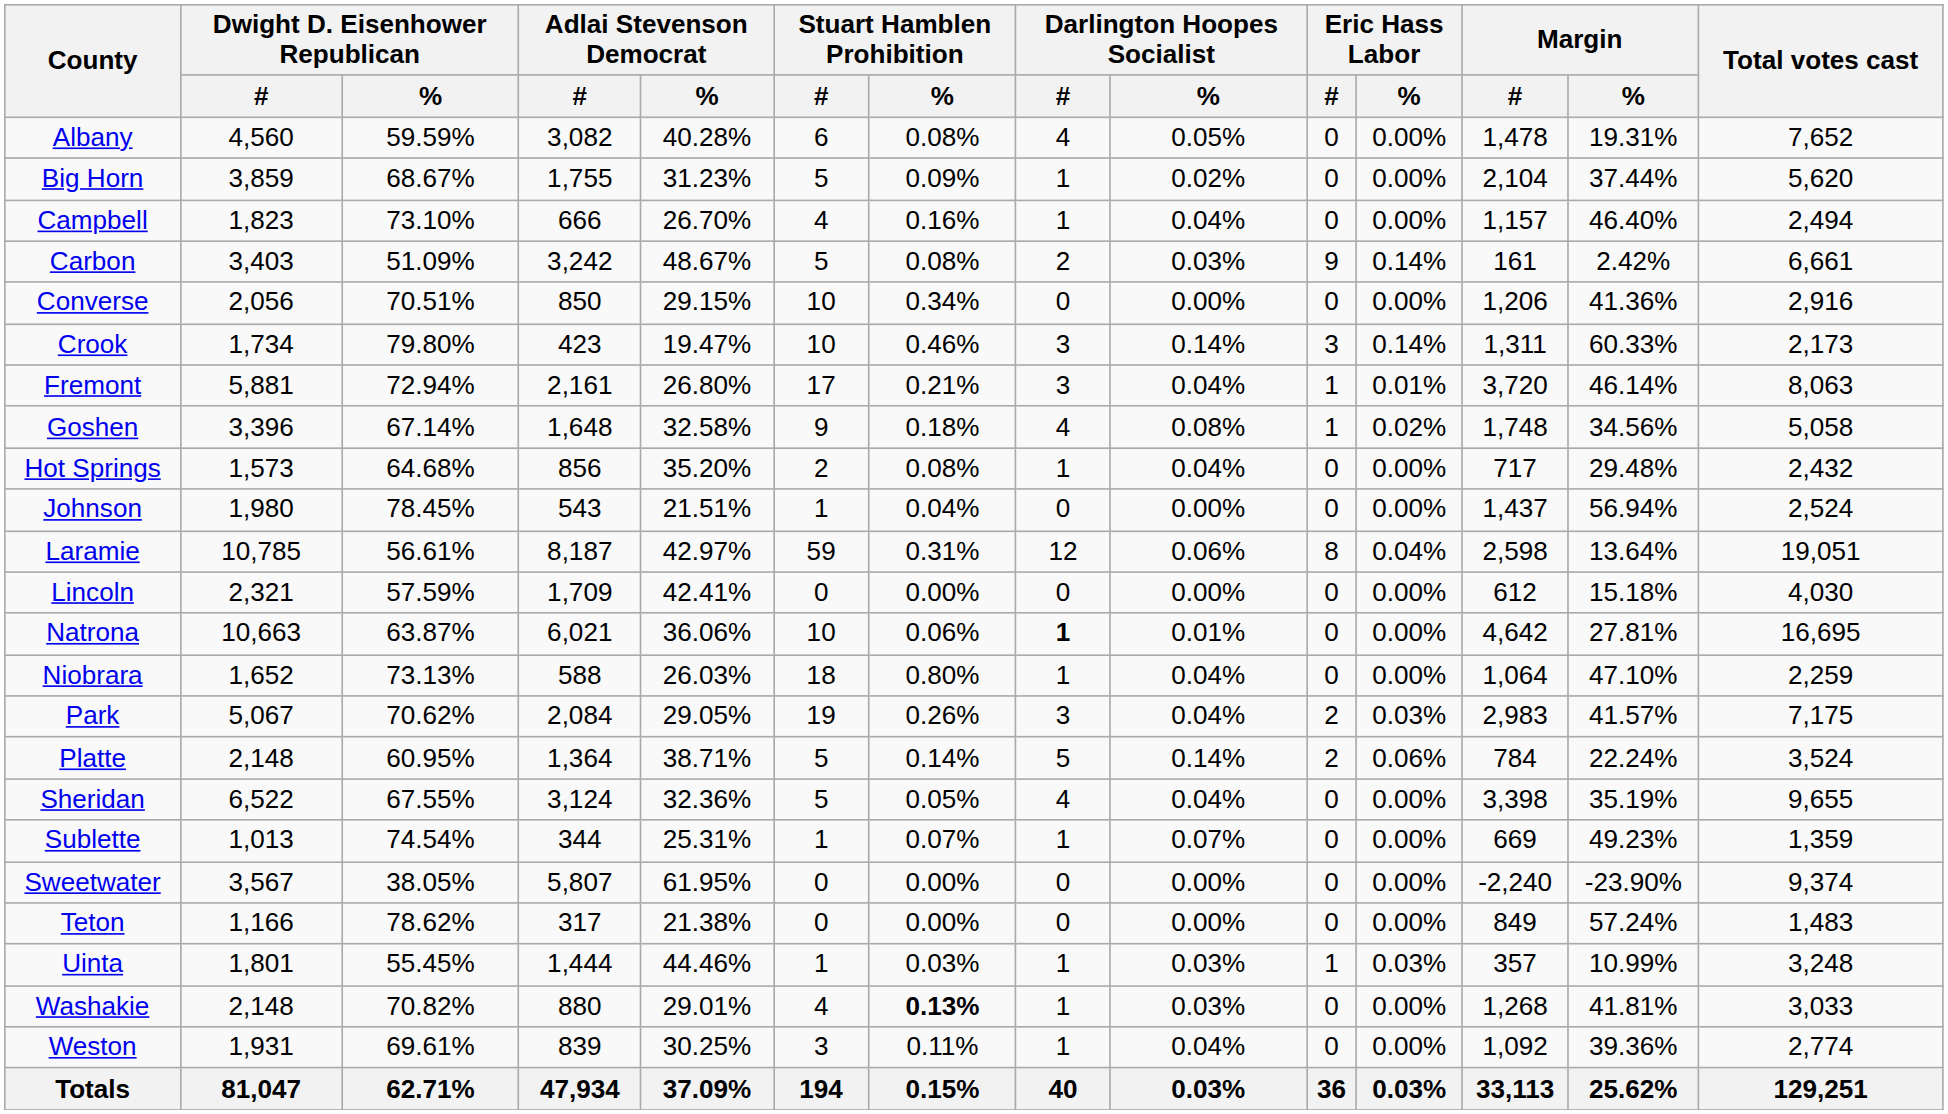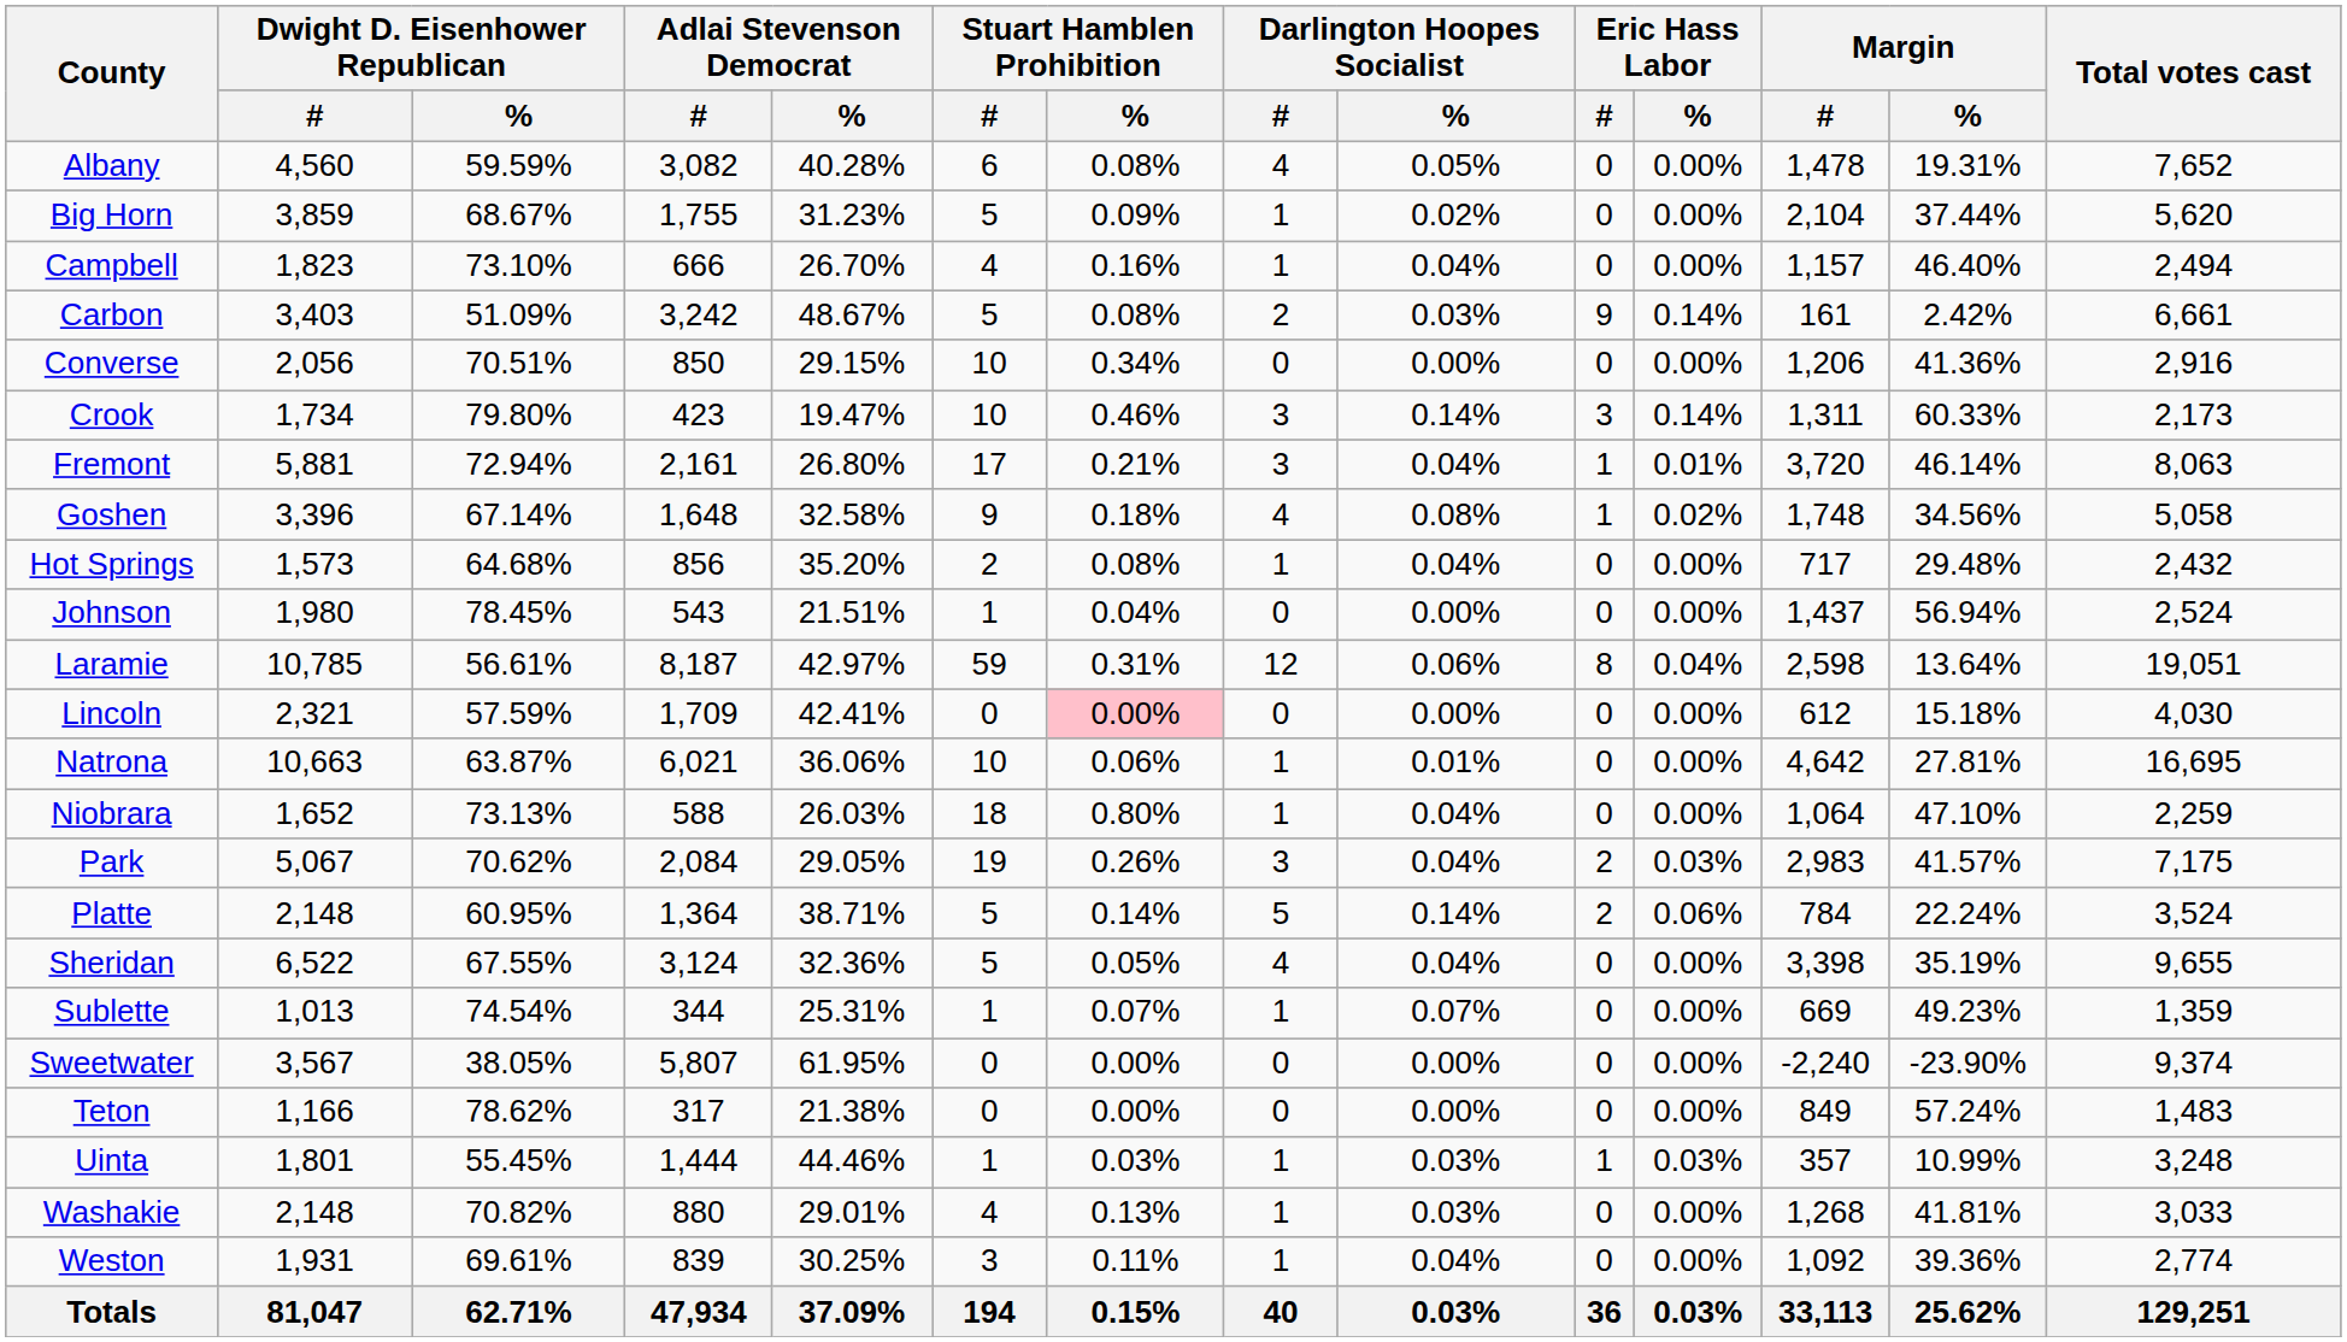 <table width="60%" class="wikitable sortable" style="text-align:center">
 <tr>
 <th style="text-align:center;" rowspan="2">County</th>
 <th style="text-align:center;" colspan="2">Dwight D. Eisenhower<br>Republican</th>
 <th style="text-align:center;" colspan="2">Adlai Stevenson<br>Democrat</th>
 <th style="text-align:center;" colspan="2">Stuart Hamblen<br>Prohibition</th>
 <th style="text-align:center;" colspan="2">Darlington Hoopes<br>Socialist</th>
 <th style="text-align:center;" colspan="2">Eric Hass<br>Labor</th>
 <th style="text-align:center;" colspan="2">Margin</th>
 <th style="text-align:center;" rowspan="2">Total votes cast</th>
 </tr>
 <tr>
 <th style="text-align:center;" data-sort-type="number">#</th>
 <th style="text-align:center;" data-sort-type="number">%</th>
 <th style="text-align:center;" data-sort-type="number">#</th>
 <th style="text-align:center;" data-sort-type="number">%</th>
 <th style="text-align:center;" data-sort-type="number">#</th>
 <th style="text-align:center;" data-sort-type="number">%</th>
 <th style="text-align:center;" data-sort-type="number">#</th>
 <th style="text-align:center;" data-sort-type="number">%</th>
 <th style="text-align:center;" data-sort-type="number">#</th>
 <th style="text-align:center;" data-sort-type="number">%</th>
 <th style="text-align:center;" data-sort-type="number">#</th>
 <th style="text-align:center;" data-sort-type="number">%</th>
 </tr>
 <tr style="text-align:center;">
 <td><a href='#'>Albany</a></td>
 <td>4,560</td>
 <td>59.59%</td>
 <td>3,082</td>
 <td>40.28%</td>
 <td>6</td>
 <td>0.08%</td>
 <td>4</td>
 <td>0.05%</td>
 <td>0</td>
 <td>0.00%</td>
 <td>1,478</td>
 <td>19.31%</td>
 <td>7,652</td>
 </tr>
 <tr style="text-align:center;">
 <td><a href='#'>Big Horn</a></td>
 <td>3,859</td>
 <td>68.67%</td>
 <td>1,755</td>
 <td>31.23%</td>
 <td>5</td>
 <td>0.09%</td>
 <td>1</td>
 <td>0.02%</td>
 <td>0</td>
 <td>0.00%</td>
 <td>2,104</td>
 <td>37.44%</td>
 <td>5,620</td>
 </tr>
 <tr style="text-align:center;">
 <td><a href='#'>Campbell</a></td>
 <td>1,823</td>
 <td>73.10%</td>
 <td>666</td>
 <td>26.70%</td>
 <td>4</td>
 <td>0.16%</td>
 <td>1</td>
 <td>0.04%</td>
 <td>0</td>
 <td>0.00%</td>
 <td>1,157</td>
 <td>46.40%</td>
 <td>2,494</td>
 </tr>
 <tr style="text-align:center;">
 <td><a href='#'>Carbon</a></td>
 <td>3,403</td>
 <td>51.09%</td>
 <td>3,242</td>
 <td>48.67%</td>
 <td>5</td>
 <td>0.08%</td>
 <td>2</td>
 <td>0.03%</td>
 <td>9</td>
 <td>0.14%</td>
 <td>161</td>
 <td>2.42%</td>
 <td>6,661</td>
 </tr>
 <tr style="text-align:center;">
 <td><a href='#'>Converse</a></td>
 <td>2,056</td>
 <td>70.51%</td>
 <td>850</td>
 <td>29.15%</td>
 <td>10</td>
 <td>0.34%</td>
 <td>0</td>
 <td>0.00%</td>
 <td>0</td>
 <td>0.00%</td>
 <td>1,206</td>
 <td>41.36%</td>
 <td>2,916</td>
 </tr>
 <tr style="text-align:center;">
 <td><a href='#'>Crook</a></td>
 <td>1,734</td>
 <td>79.80%</td>
 <td>423</td>
 <td>19.47%</td>
 <td>10</td>
 <td>0.46%</td>
 <td>3</td>
 <td>0.14%</td>
 <td>3</td>
 <td>0.14%</td>
 <td>1,311</td>
 <td>60.33%</td>
 <td>2,173</td>
 </tr>
 <tr style="text-align:center;">
 <td><a href='#'>Fremont</a></td>
 <td>5,881</td>
 <td>72.94%</td>
 <td>2,161</td>
 <td>26.80%</td>
 <td>17</td>
 <td>0.21%</td>
 <td>3</td>
 <td>0.04%</td>
 <td>1</td>
 <td>0.01%</td>
 <td>3,720</td>
 <td>46.14%</td>
 <td>8,063</td>
 </tr>
 <tr style="text-align:center;">
 <td><a href='#'>Goshen</a></td>
 <td>3,396</td>
 <td>67.14%</td>
 <td>1,648</td>
 <td>32.58%</td>
 <td>9</td>
 <td>0.18%</td>
 <td>4</td>
 <td>0.08%</td>
 <td>1</td>
 <td>0.02%</td>
 <td>1,748</td>
 <td>34.56%</td>
 <td>5,058</td>
 </tr>
 <tr style="text-align:center;">
 <td><a href='#'>Hot Springs</a></td>
 <td>1,573</td>
 <td>64.68%</td>
 <td>856</td>
 <td>35.20%</td>
 <td>2</td>
 <td>0.08%</td>
 <td>1</td>
 <td>0.04%</td>
 <td>0</td>
 <td>0.00%</td>
 <td>717</td>
 <td>29.48%</td>
 <td>2,432</td>
 </tr>
 <tr style="text-align:center;">
 <td><a href='#'>Johnson</a></td>
 <td>1,980</td>
 <td>78.45%</td>
 <td>543</td>
 <td>21.51%</td>
 <td>1</td>
 <td>0.04%</td>
 <td>0</td>
 <td>0.00%</td>
 <td>0</td>
 <td>0.00%</td>
 <td>1,437</td>
 <td>56.94%</td>
 <td>2,524</td>
 </tr>
 <tr style="text-align:center;">
 <td><a href='#'>Laramie</a></td>
 <td>10,785</td>
 <td>56.61%</td>
 <td>8,187</td>
 <td>42.97%</td>
 <td>59</td>
 <td>0.31%</td>
 <td>12</td>
 <td>0.06%</td>
 <td>8</td>
 <td>0.04%</td>
 <td>2,598</td>
 <td>13.64%</td>
 <td>19,051</td>
 </tr>
 <tr style="text-align:center;">
 <td><a href='#'>Lincoln</a></td>
 <td>2,321</td>
 <td>57.59%</td>
 <td>1,709</td>
 <td>42.41%</td>
 <td>0</td>
-<td>0.00%</td>
+<td style="background: pink;">0.00%</td>
 <td>0</td>
 <td>0.00%</td>
 <td>0</td>
 <td>0.00%</td>
 <td>612</td>
 <td>15.18%</td>
 <td>4,030</td>
 </tr>
 <tr style="text-align:center;">
 <td><a href='#'>Natrona</a></td>
 <td>10,663</td>
 <td>63.87%</td>
 <td>6,021</td>
 <td>36.06%</td>
 <td>10</td>
 <td>0.06%</td>
-<td><strong>1</strong></td>
+<td>1</td>
 <td>0.01%</td>
 <td>0</td>
 <td>0.00%</td>
 <td>4,642</td>
 <td>27.81%</td>
 <td>16,695</td>
 </tr>
 <tr style="text-align:center;">
 <td><a href='#'>Niobrara</a></td>
 <td>1,652</td>
 <td>73.13%</td>
 <td>588</td>
 <td>26.03%</td>
 <td>18</td>
 <td>0.80%</td>
 <td>1</td>
 <td>0.04%</td>
 <td>0</td>
 <td>0.00%</td>
 <td>1,064</td>
 <td>47.10%</td>
 <td>2,259</td>
 </tr>
 <tr style="text-align:center;">
 <td><a href='#'>Park</a></td>
 <td>5,067</td>
 <td>70.62%</td>
 <td>2,084</td>
 <td>29.05%</td>
 <td>19</td>
 <td>0.26%</td>
 <td>3</td>
 <td>0.04%</td>
 <td>2</td>
 <td>0.03%</td>
 <td>2,983</td>
 <td>41.57%</td>
 <td>7,175</td>
 </tr>
 <tr style="text-align:center;">
 <td><a href='#'>Platte</a></td>
 <td>2,148</td>
 <td>60.95%</td>
 <td>1,364</td>
 <td>38.71%</td>
 <td>5</td>
 <td>0.14%</td>
 <td>5</td>
 <td>0.14%</td>
 <td>2</td>
 <td>0.06%</td>
 <td>784</td>
 <td>22.24%</td>
 <td>3,524</td>
 </tr>
 <tr style="text-align:center;">
 <td><a href='#'>Sheridan</a></td>
 <td>6,522</td>
 <td>67.55%</td>
 <td>3,124</td>
 <td>32.36%</td>
 <td>5</td>
 <td>0.05%</td>
 <td>4</td>
 <td>0.04%</td>
 <td>0</td>
 <td>0.00%</td>
 <td>3,398</td>
 <td>35.19%</td>
 <td>9,655</td>
 </tr>
 <tr style="text-align:center;">
 <td><a href='#'>Sublette</a></td>
 <td>1,013</td>
 <td>74.54%</td>
 <td>344</td>
 <td>25.31%</td>
 <td>1</td>
 <td>0.07%</td>
 <td>1</td>
 <td>0.07%</td>
 <td>0</td>
 <td>0.00%</td>
 <td>669</td>
 <td>49.23%</td>
 <td>1,359</td>
 </tr>
 <tr style="text-align:center;">
 <td><a href='#'>Sweetwater</a></td>
 <td>3,567</td>
 <td>38.05%</td>
 <td>5,807</td>
 <td>61.95%</td>
 <td>0</td>
 <td>0.00%</td>
 <td>0</td>
 <td>0.00%</td>
 <td>0</td>
 <td>0.00%</td>
 <td>-2,240</td>
 <td>-23.90%</td>
 <td>9,374</td>
 </tr>
 <tr style="text-align:center;">
 <td><a href='#'>Teton</a></td>
 <td>1,166</td>
 <td>78.62%</td>
 <td>317</td>
 <td>21.38%</td>
 <td>0</td>
 <td>0.00%</td>
 <td>0</td>
 <td>0.00%</td>
 <td>0</td>
 <td>0.00%</td>
 <td>849</td>
 <td>57.24%</td>
 <td>1,483</td>
 </tr>
 <tr style="text-align:center;">
 <td><a href='#'>Uinta</a></td>
 <td>1,801</td>
 <td>55.45%</td>
 <td>1,444</td>
 <td>44.46%</td>
 <td>1</td>
 <td>0.03%</td>
 <td>1</td>
 <td>0.03%</td>
 <td>1</td>
 <td>0.03%</td>
 <td>357</td>
 <td>10.99%</td>
 <td>3,248</td>
 </tr>
 <tr style="text-align:center;">
 <td><a href='#'>Washakie</a></td>
 <td>2,148</td>
 <td>70.82%</td>
 <td>880</td>
 <td>29.01%</td>
 <td>4</td>
-<td><strong>0.13%</strong></td>
+<td>0.13%</td>
 <td>1</td>
 <td>0.03%</td>
 <td>0</td>
 <td>0.00%</td>
 <td>1,268</td>
 <td>41.81%</td>
 <td>3,033</td>
 </tr>
 <tr style="text-align:center;">
 <td><a href='#'>Weston</a></td>
 <td>1,931</td>
 <td>69.61%</td>
 <td>839</td>
 <td>30.25%</td>
 <td>3</td>
 <td>0.11%</td>
 <td>1</td>
 <td>0.04%</td>
 <td>0</td>
 <td>0.00%</td>
 <td>1,092</td>
 <td>39.36%</td>
 <td>2,774</td>
 </tr>
 <tr style="text-align:center;">
 <th>Totals</th>
 <th>81,047</th>
 <th>62.71%</th>
 <th>47,934</th>
 <th>37.09%</th>
 <th>194</th>
 <th>0.15%</th>
 <th>40</th>
 <th>0.03%</th>
 <th>36</th>
 <th>0.03%</th>
 <th>33,113</th>
 <th>25.62%</th>
 <th>129,251</th>
 </tr>
 </table>
